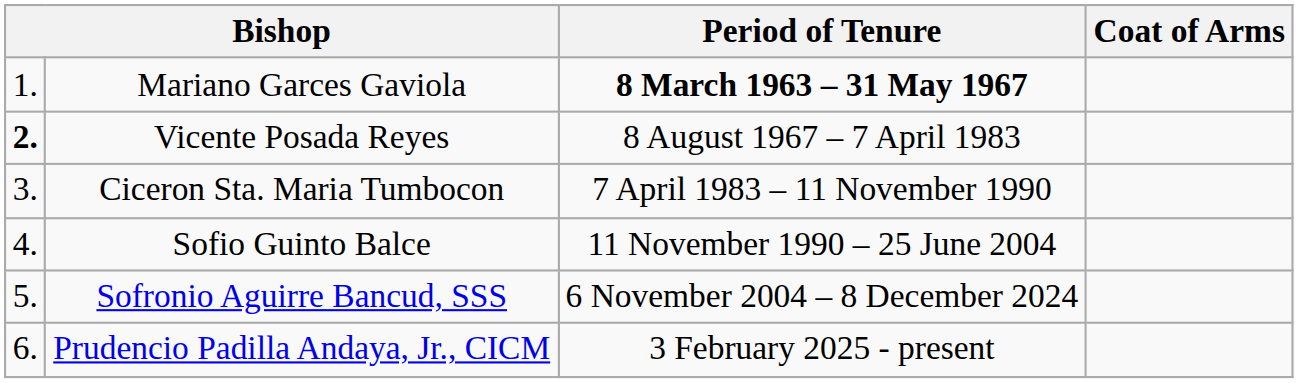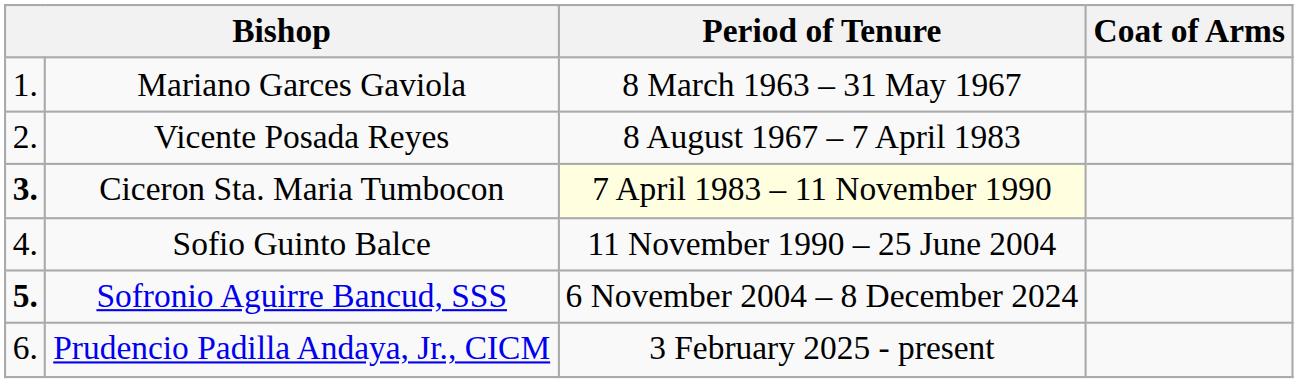 <table class="wikitable" style="text-align:center;">
 <tr>
 <th colspan=2>Bishop</th>
 <th>Period of Tenure</th>
 <th>Coat of Arms</th>
 </tr>
 <tr>
 <td>1.</td>
 <td>Mariano Garces Gaviola</td>
-<td><strong>8 March 1963 – 31 May 1967</strong></td>
+<td>8 March 1963 – 31 May 1967</td>
 <td></td>
 </tr>
 <tr>
-<td><strong>2.</strong></td>
+<td>2.</td>
 <td>Vicente Posada Reyes</td>
 <td>8 August 1967 – 7 April 1983</td>
 <td></td>
 </tr>
 <tr>
-<td>3.</td>
+<td><strong>3.</strong></td>
 <td>Ciceron Sta. Maria Tumbocon</td>
-<td>7 April 1983 – 11 November 1990</td>
+<td style="background: lightyellow;">7 April 1983 – 11 November 1990</td>
 <td></td>
 </tr>
 <tr>
 <td>4.</td>
 <td>Sofio Guinto Balce</td>
 <td>11 November 1990 – 25 June 2004</td>
 <td></td>
 </tr>
 <tr>
-<td>5.</td>
+<td><strong>5.</strong></td>
 <td><a href='#'>Sofronio Aguirre Bancud, SSS</a></td>
 <td>6 November 2004 – 8 December 2024</td>
 <td></td>
 </tr>
 <tr>
 <td>6.</td>
 <td><a href='#'>Prudencio Padilla Andaya, Jr., CICM</a></td>
 <td>3 February 2025 - present</td>
 <td></td>
 </tr>
 </table>
